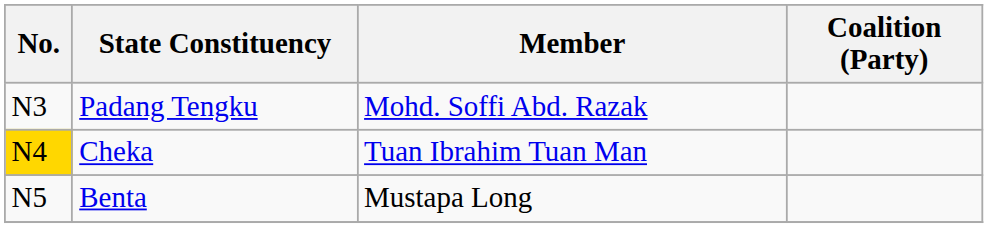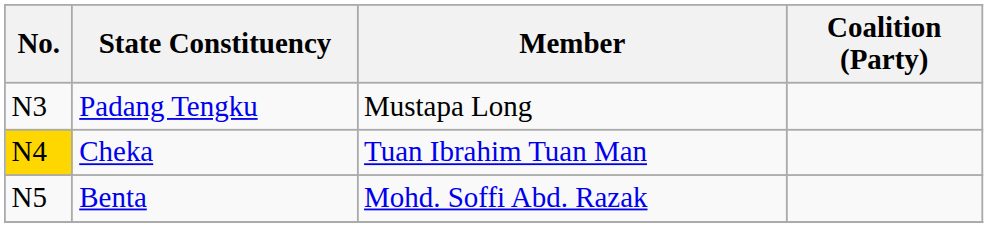 <table class="wikitable">
 <tr>
 <th width="30">No.</th>
 <th width="150">State Constituency</th>
 <th width="230">Member</th>
 <th width="100">Coalition (Party)</th>
 </tr>
 <tr>
 <td>N3</td>
 <td><a href='#'>Padang Tengku</a></td>
-<td><a href='#'>Mohd. Soffi Abd. Razak</a></td>
+<td>Mustapa Long</td>
 <td></td>
 </tr>
 <tr>
 <td style="background: gold;">N4</td>
 <td><a href='#'>Cheka</a></td>
 <td><a href='#'>Tuan Ibrahim Tuan Man</a></td>
 <td></td>
 </tr>
 <tr>
 <td>N5</td>
 <td><a href='#'>Benta</a></td>
-<td>Mustapa Long</td>
+<td><a href='#'>Mohd. Soffi Abd. Razak</a></td>
 <td></td>
 </tr>
 <tr>
 </tr>
 </table>
